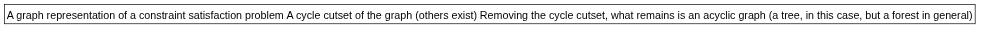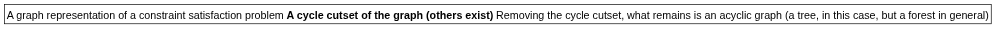 <table style="border: thin black solid;">
 <tr>
 <td align=center></td>
 <td align=center></td>
 <td align=center></td>
 </tr>
 <tr>
 <td>A graph representation of a constraint satisfaction problem</td>
-<td>A cycle cutset of the graph (others exist)</td>
+<td><strong>A cycle cutset of the graph (others exist)</strong></td>
 <td>Removing the cycle cutset, what remains is an acyclic graph (a tree, in this case, but a forest in general)</td>
 </tr>
 </table>
